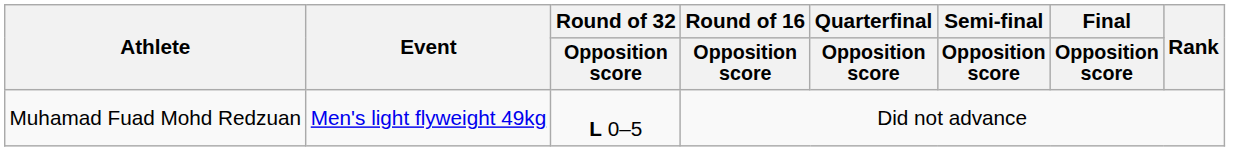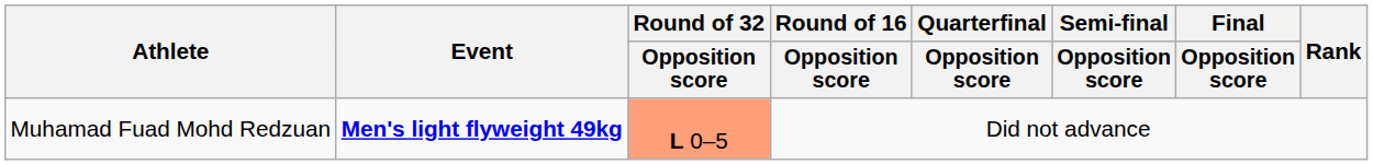 <table class="wikitable" style="font-size:90%;text-align:center">
 <tr>
 <th rowspan="2">Athlete</th>
 <th rowspan="2">Event</th>
 <th>Round of 32</th>
 <th>Round of 16</th>
 <th>Quarterfinal</th>
 <th>Semi-final</th>
 <th>Final</th>
 <th rowspan="2">Rank</th>
 </tr>
 <tr style=font-size:95%>
 <th>Opposition<br> score</th>
 <th>Opposition<br> score</th>
 <th>Opposition<br> score</th>
 <th>Opposition<br> score</th>
 <th>Opposition<br> score</th>
 </tr>
 <tr>
 <td align="left">Muhamad Fuad Mohd Redzuan</td>
-<td align="left"><a href='#'>Men's light flyweight 49kg</a></td>
-<td><br><strong>L</strong> 0–5</td>
+<td align="left"><strong><a href='#'>Men's light flyweight 49kg</a></strong></td>
+<td style="background: lightsalmon;"><br><strong>L</strong> 0–5</td>
 <td colspan="5">Did not advance</td>
 </tr>
 </table>
